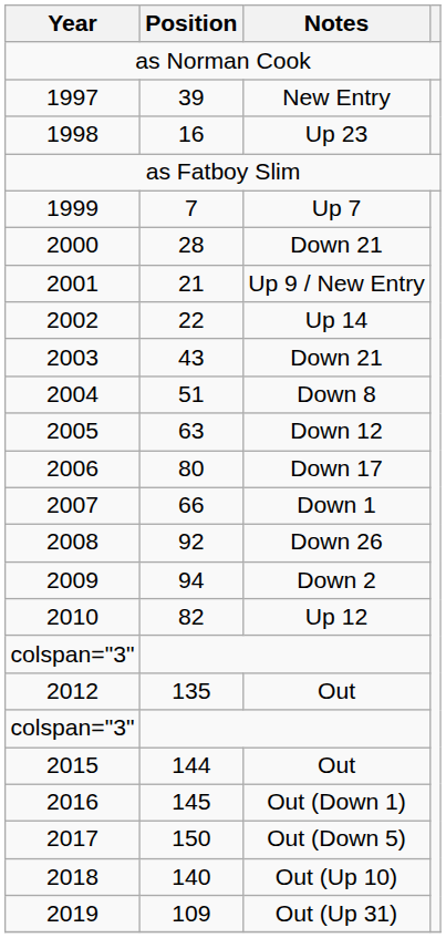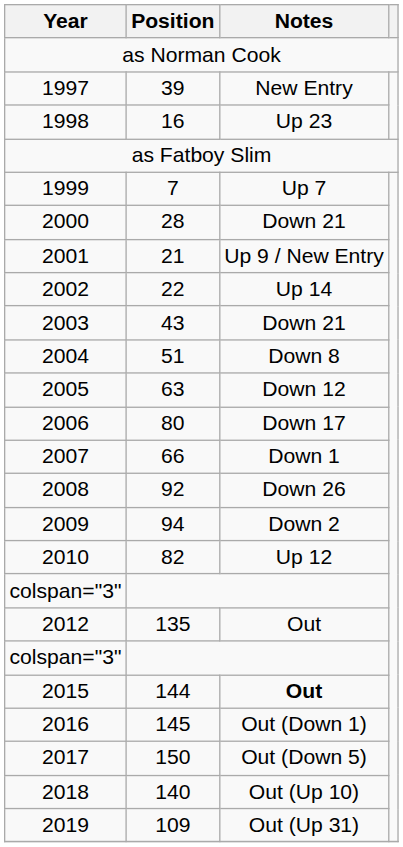 <table class="wikitable plainrowheaders" style="text-align:center;">
 <tr>
 <th>Year</th>
 <th>Position</th>
 <th>Notes</th>
 <th></th>
 </tr>
 <tr>
 <td colspan="4">as Norman Cook</td>
 </tr>
 <tr>
 <td>1997</td>
 <td>39</td>
 <td>New Entry</td>
 <td rowspan="2"></td>
 </tr>
 <tr>
 <td>1998</td>
 <td>16</td>
 <td>Up 23</td>
 </tr>
 <tr>
 <td colspan="4">as Fatboy Slim</td>
 </tr>
 <tr>
 <td>1999</td>
 <td>7</td>
 <td>Up 7</td>
 <td rowspan="20"></td>
 </tr>
 <tr>
 <td>2000</td>
 <td>28</td>
 <td>Down 21</td>
 </tr>
 <tr>
 <td>2001</td>
 <td>21</td>
 <td>Up 9 / New Entry</td>
 </tr>
 <tr>
 <td>2002</td>
 <td>22</td>
 <td>Up 14</td>
 </tr>
 <tr>
 <td>2003</td>
 <td>43</td>
 <td>Down 21</td>
 </tr>
 <tr>
 <td>2004</td>
 <td>51</td>
 <td>Down 8</td>
 </tr>
 <tr>
 <td>2005</td>
 <td>63</td>
 <td>Down 12</td>
 </tr>
 <tr>
 <td>2006</td>
 <td>80</td>
 <td>Down 17</td>
 </tr>
 <tr>
 <td>2007</td>
 <td>66</td>
 <td>Down 1</td>
 </tr>
 <tr>
 <td>2008</td>
 <td>92</td>
 <td>Down 26</td>
 </tr>
 <tr>
 <td>2009</td>
 <td>94</td>
 <td>Down 2</td>
 </tr>
 <tr>
 <td>2010</td>
 <td>82</td>
 <td>Up 12</td>
 </tr>
 <tr>
 <td>colspan="3" </td>
 </tr>
 <tr>
 <td>2012</td>
 <td>135</td>
 <td>Out</td>
 </tr>
 <tr>
 <td>colspan="3" </td>
 </tr>
 <tr>
 <td>2015</td>
 <td>144</td>
-<td>Out</td>
+<td><strong>Out</strong></td>
 </tr>
 <tr>
 <td>2016</td>
 <td>145</td>
 <td>Out (Down 1)</td>
 </tr>
 <tr>
 <td>2017</td>
 <td>150</td>
 <td>Out (Down 5)</td>
 </tr>
 <tr>
 <td>2018</td>
 <td>140</td>
 <td>Out (Up 10)</td>
 </tr>
 <tr>
 <td>2019</td>
 <td>109</td>
 <td>Out (Up 31)</td>
 </tr>
 <tr>
 </tr>
 </table>
